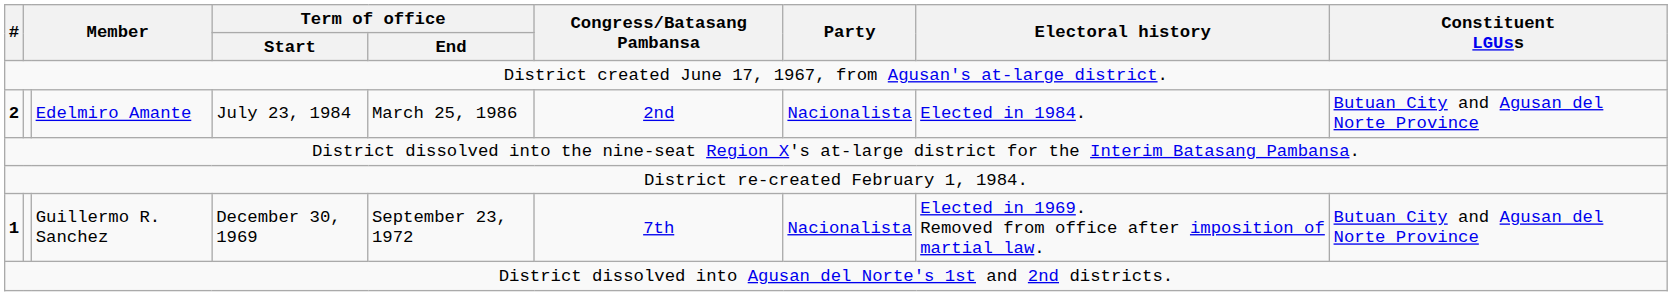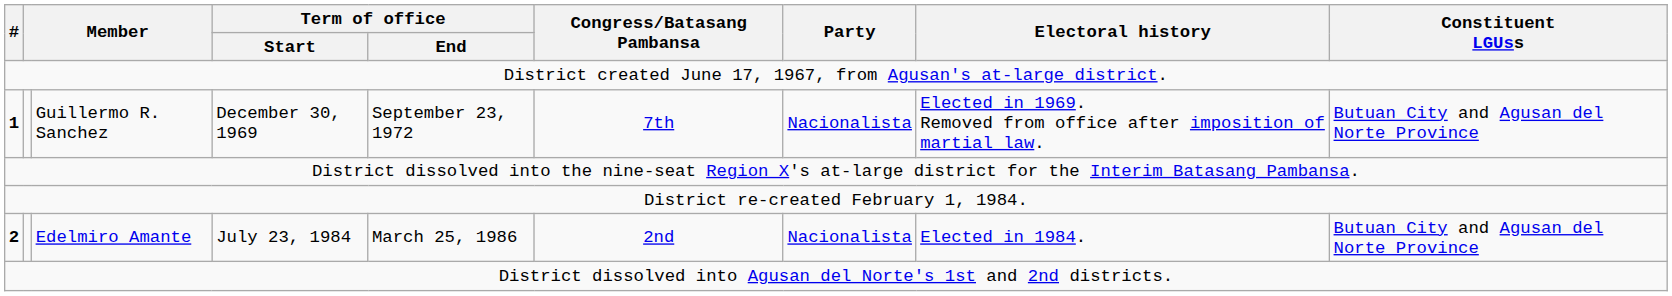 <table class=wikitable>
 <tr>
 <th rowspan="2">#</th>
 <th rowspan="2" colspan=2>Member</th>
 <th colspan=2>Term of office</th>
 <th rowspan="2">Congress/Batasang Pambansa</th>
 <th rowspan="2">Party</th>
 <th rowspan="2">Electoral history</th>
 <th rowspan="2">Constituent<br><a href='#'>LGUs</a>s</th>
 </tr>
 <tr>
 <th>Start</th>
 <th>End</th>
 </tr>
 <tr>
 <td colspan="9" style="text-align:center;">District created June 17, 1967, from <a href='#'>Agusan's at-large district</a>.</td>
 </tr>
 <tr>
+<td style="text-align:center;"><strong>1</strong></td>
+<td style="color:inherit;background:"></td>
+<td>Guillermo R. Sanchez</td>
+<td>December 30, 1969</td>
+<td>September 23, 1972</td>
+<td style="text-align:center;"><a href='#'>7th</a></td>
+<td><a href='#'>Nacionalista</a></td>
+<td><a href='#'>Elected in 1969</a>.<br>Removed from office after <a href='#'>imposition of martial law</a>.</td>
+<td><a href='#'>Butuan City</a> and <a href='#'>Agusan del Norte Province</a></td>
+</tr>
+<tr>
+<td colspan="9" style="text-align:center;">District dissolved into the nine-seat <a href='#'>Region X</a>'s at-large district for the <a href='#'>Interim Batasang Pambansa</a>.</td>
+</tr>
+<tr>
+<td colspan="9" style="text-align:center;">District re-created February 1, 1984.</td>
+</tr>
+<tr>
 <td style="text-align:center;"><strong>2</strong></td>
 <td style="color:inherit;background:"></td>
 <td><a href='#'>Edelmiro Amante</a></td>
 <td>July 23, 1984</td>
 <td>March 25, 1986</td>
 <td style="text-align:center;"><a href='#'>2nd</a></td>
 <td><a href='#'>Nacionalista</a></td>
 <td><a href='#'>Elected in 1984</a>.</td>
 <td><a href='#'>Butuan City</a> and <a href='#'>Agusan del Norte Province</a></td>
 </tr>
 <tr>
-<td colspan="9" style="text-align:center;">District dissolved into the nine-seat <a href='#'>Region X</a>'s at-large district for the <a href='#'>Interim Batasang Pambansa</a>.</td>
-</tr>
-<tr>
-<td colspan="9" style="text-align:center;">District re-created February 1, 1984.</td>
-</tr>
-<tr>
-<td style="text-align:center;"><strong>1</strong></td>
-<td style="color:inherit;background:"></td>
-<td>Guillermo R. Sanchez</td>
-<td>December 30, 1969</td>
-<td>September 23, 1972</td>
-<td style="text-align:center;"><a href='#'>7th</a></td>
-<td><a href='#'>Nacionalista</a></td>
-<td><a href='#'>Elected in 1969</a>.<br>Removed from office after <a href='#'>imposition of martial law</a>.</td>
-<td><a href='#'>Butuan City</a> and <a href='#'>Agusan del Norte Province</a></td>
-</tr>
-<tr>
 <td colspan="9" style="text-align:center;">District dissolved into <a href='#'>Agusan del Norte's 1st</a> and <a href='#'>2nd</a> districts.</td>
 </tr>
 </table>
